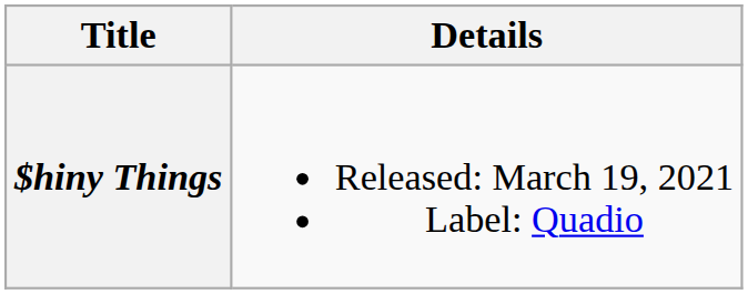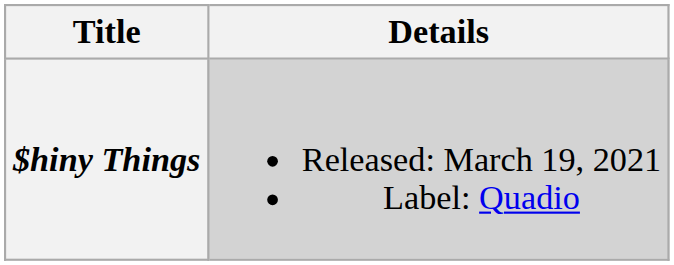 <table class="wikitable plainrowheaders" style="text-align:center;">
 <tr>
 <th scope="col">Title</th>
 <th scope="col">Details</th>
 </tr>
 <tr>
 <th scope="row"><em>$hiny Things</em></th>
-<td><br><ul><li>Released: March 19, 2021</li><li>Label: <a href='#'>Quadio</a></li></ul></td>
+<td style="background: lightgrey;"><br><ul><li>Released: March 19, 2021</li><li>Label: <a href='#'>Quadio</a></li></ul></td>
 </tr>
 </table>
